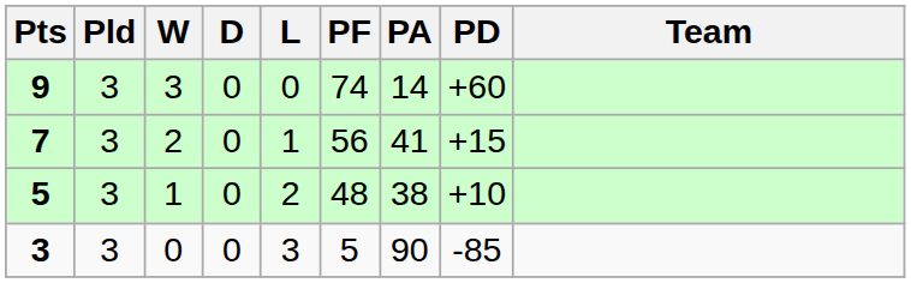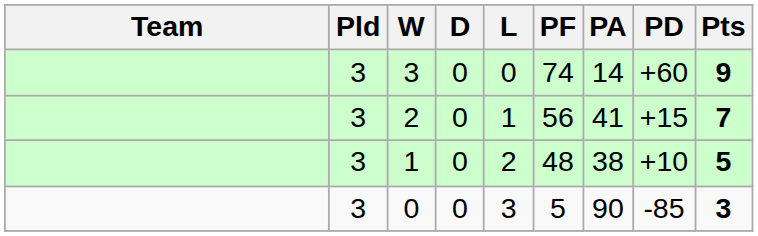 <table class="wikitable" style="text-align:center;">
 <tr>
-<th width=20 abbr="Points">Pts</th>
+<th width=175>Team</th>
 <th width=20 abbr="Played">Pld</th>
 <th width=20 abbr="Won">W</th>
 <th width=20 abbr="Drawn">D</th>
 <th width=20 abbr="Lost">L</th>
 <th width=20 abbr="Points for">PF</th>
 <th width=20 abbr="Points against">PA</th>
 <th width=25 abbr="Points difference">PD</th>
-<th width=175>Team</th>
+<th width=20 abbr="Points">Pts</th>
 </tr>
 <tr bgcolor=ccffcc>
-<td><strong>9</strong></td>
+<td style="text-align:left;"></td>
 <td>3</td>
 <td>3</td>
 <td>0</td>
 <td>0</td>
 <td>74</td>
 <td>14</td>
 <td>+60</td>
-<td style="text-align:left;"></td>
+<td><strong>9</strong></td>
 </tr>
 <tr bgcolor=ccffcc>
-<td><strong>7</strong></td>
+<td style="text-align:left;"></td>
 <td>3</td>
 <td>2</td>
 <td>0</td>
 <td>1</td>
 <td>56</td>
 <td>41</td>
 <td>+15</td>
-<td style="text-align:left;"></td>
+<td><strong>7</strong></td>
 </tr>
 <tr bgcolor=ccffcc>
-<td><strong>5</strong></td>
+<td style="text-align:left;"></td>
 <td>3</td>
 <td>1</td>
 <td>0</td>
 <td>2</td>
 <td>48</td>
 <td>38</td>
 <td>+10</td>
-<td style="text-align:left;"></td>
+<td><strong>5</strong></td>
 </tr>
 <tr>
-<td><strong>3</strong></td>
+<td style="text-align:left;"></td>
 <td>3</td>
 <td>0</td>
 <td>0</td>
 <td>3</td>
 <td>5</td>
 <td>90</td>
 <td>-85</td>
-<td style="text-align:left;"></td>
+<td><strong>3</strong></td>
 </tr>
 </table>
